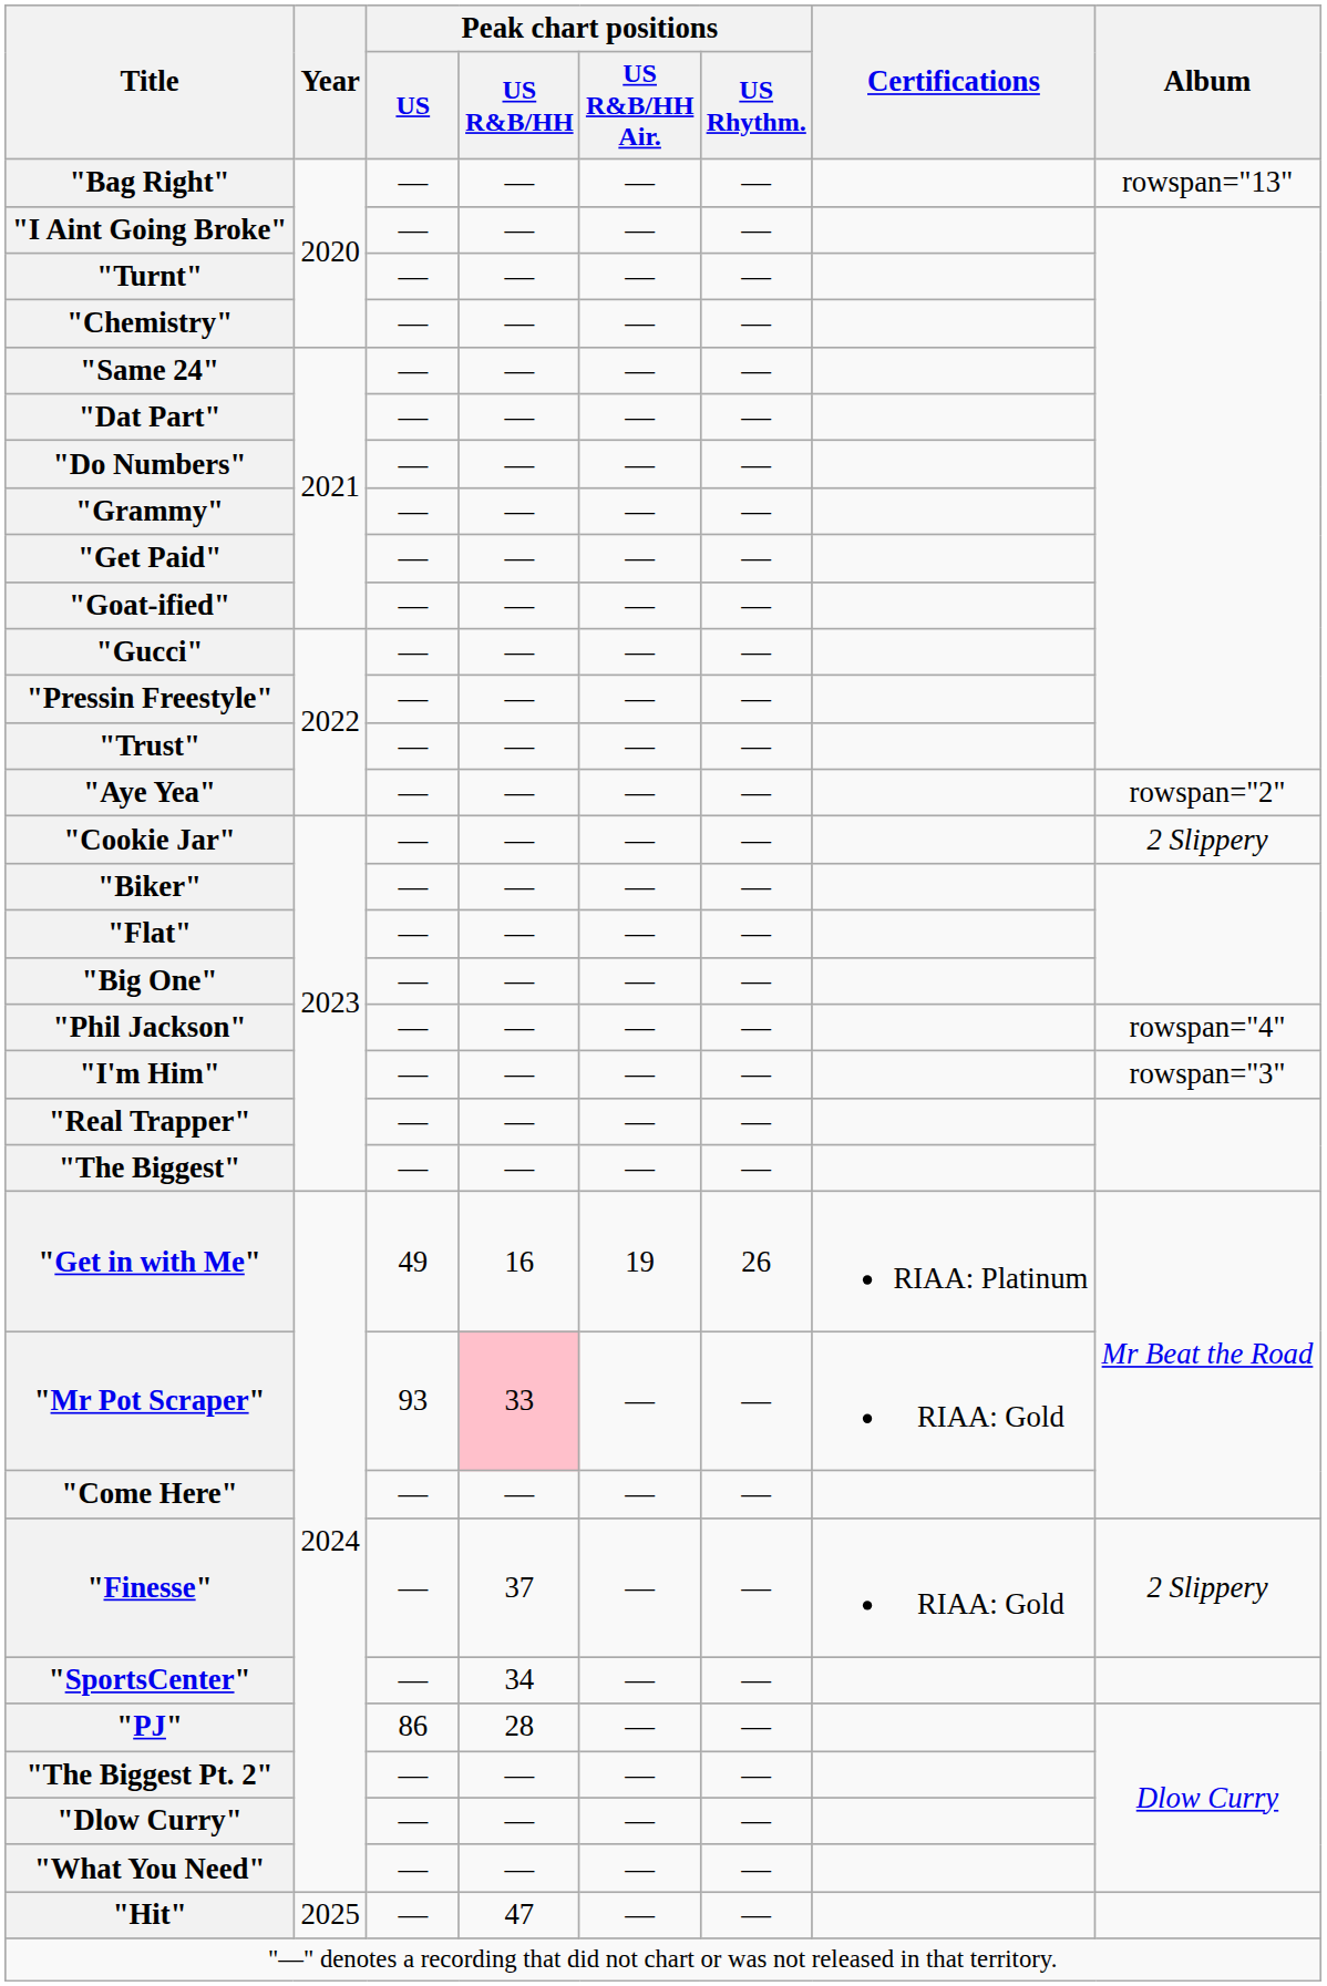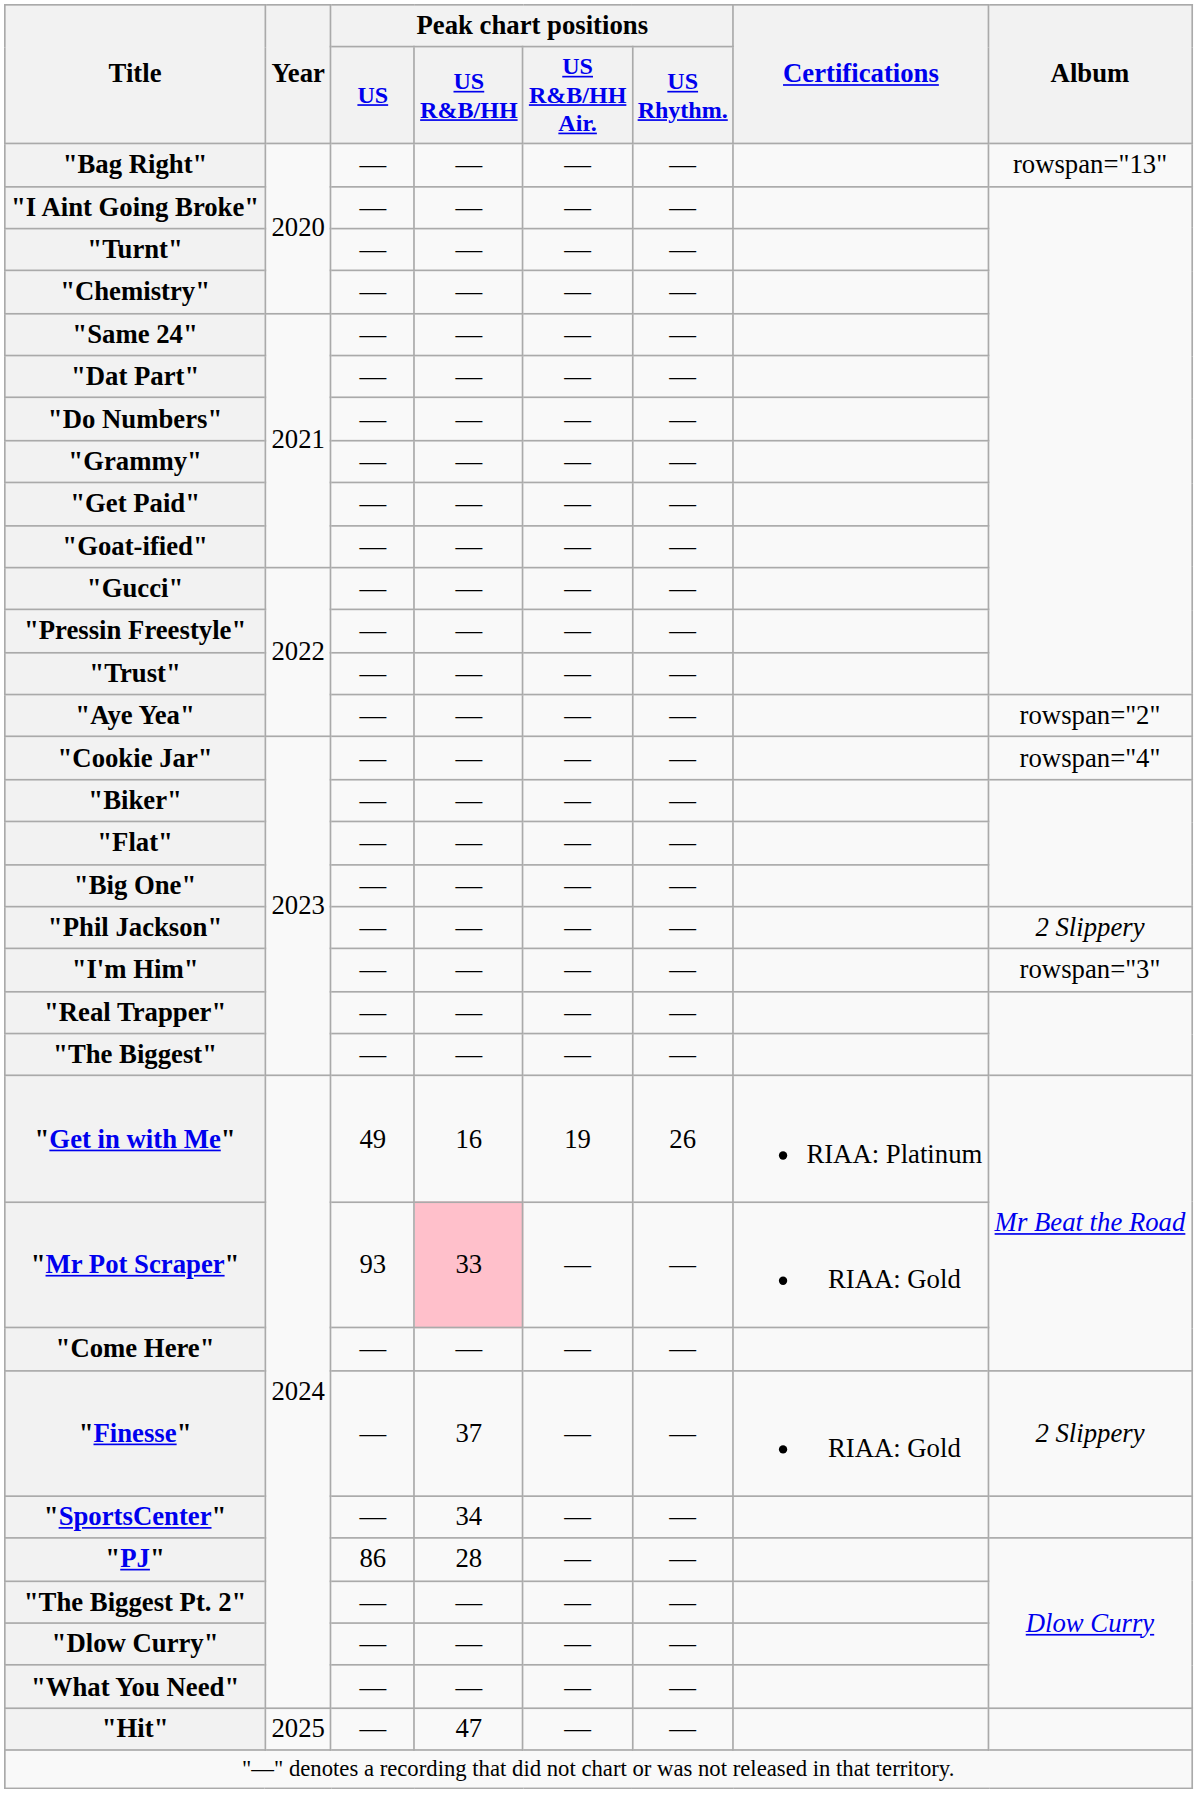 <table class="wikitable plainrowheaders" style="text-align:center;">
 <tr>
 <th scope="col" rowspan="2">Title</th>
 <th scope="col" rowspan="2">Year</th>
 <th scope="col" colspan="4">Peak chart positions</th>
 <th scope="col" rowspan="2"><a href='#'>Certifications</a></th>
 <th scope="col" rowspan="2">Album</th>
 </tr>
 <tr>
 <th scope="col" style="width:3em;font-size:90%;"><a href='#'>US</a><br></th>
 <th scope="col" style="width:3em;font-size:90%;"><a href='#'>US<br>R&B/HH</a><br></th>
 <th scope="col" style="width:3em;font-size:90%;"><a href='#'>US<br>R&B/HH Air.</a><br></th>
 <th scope="col" style="width:3em;font-size:90%;"><a href='#'>US<br>Rhythm.</a><br></th>
 </tr>
 <tr>
 <th scope="row">"Bag Right"</th>
 <td rowspan="4">2020</td>
 <td>—</td>
 <td>—</td>
 <td>—</td>
 <td>—</td>
 <td></td>
 <td>rowspan="13" </td>
 </tr>
 <tr>
 <th scope="row">"I Aint Going Broke"</th>
 <td>—</td>
 <td>—</td>
 <td>—</td>
 <td>—</td>
 <td></td>
 </tr>
 <tr>
 <th scope="row">"Turnt"</th>
 <td>—</td>
 <td>—</td>
 <td>—</td>
 <td>—</td>
 <td></td>
 </tr>
 <tr>
 <th scope="row">"Chemistry"</th>
 <td>—</td>
 <td>—</td>
 <td>—</td>
 <td>—</td>
 <td></td>
 </tr>
 <tr>
 <th scope="row">"Same 24"</th>
 <td rowspan="6">2021</td>
 <td>—</td>
 <td>—</td>
 <td>—</td>
 <td>—</td>
 <td></td>
 </tr>
 <tr>
 <th scope="row">"Dat Part"</th>
 <td>—</td>
 <td>—</td>
 <td>—</td>
 <td>—</td>
 <td></td>
 </tr>
 <tr>
 <th scope="row">"Do Numbers"</th>
 <td>—</td>
 <td>—</td>
 <td>—</td>
 <td>—</td>
 <td></td>
 </tr>
 <tr>
 <th scope="row">"Grammy"</th>
 <td>—</td>
 <td>—</td>
 <td>—</td>
 <td>—</td>
 <td></td>
 </tr>
 <tr>
 <th scope="row">"Get Paid"</th>
 <td>—</td>
 <td>—</td>
 <td>—</td>
 <td>—</td>
 <td></td>
 </tr>
 <tr>
 <th scope="row">"Goat-ified"</th>
 <td>—</td>
 <td>—</td>
 <td>—</td>
 <td>—</td>
 <td></td>
 </tr>
 <tr>
 <th scope="row">"Gucci"</th>
 <td rowspan="4">2022</td>
 <td>—</td>
 <td>—</td>
 <td>—</td>
 <td>—</td>
 <td></td>
 </tr>
 <tr>
 <th scope="row">"Pressin Freestyle"</th>
 <td>—</td>
 <td>—</td>
 <td>—</td>
 <td>—</td>
 <td></td>
 </tr>
 <tr>
 <th scope="row">"Trust"</th>
 <td>—</td>
 <td>—</td>
 <td>—</td>
 <td>—</td>
 <td></td>
 </tr>
 <tr>
 <th scope="row">"Aye Yea"</th>
 <td>—</td>
 <td>—</td>
 <td>—</td>
 <td>—</td>
 <td></td>
 <td>rowspan="2" </td>
 </tr>
 <tr>
 <th scope="row">"Cookie Jar"</th>
 <td rowspan="8">2023</td>
 <td>—</td>
 <td>—</td>
 <td>—</td>
 <td>—</td>
 <td></td>
-<td><em>2 Slippery</em></td>
+<td>rowspan="4" </td>
 </tr>
 <tr>
 <th scope="row">"Biker"</th>
 <td>—</td>
 <td>—</td>
 <td>—</td>
 <td>—</td>
 <td></td>
 </tr>
 <tr>
 <th scope="row">"Flat"</th>
 <td>—</td>
 <td>—</td>
 <td>—</td>
 <td>—</td>
 <td></td>
 </tr>
 <tr>
 <th scope="row">"Big One"</th>
 <td>—</td>
 <td>—</td>
 <td>—</td>
 <td>—</td>
 <td></td>
 </tr>
 <tr>
 <th scope="row">"Phil Jackson"</th>
 <td>—</td>
 <td>—</td>
 <td>—</td>
 <td>—</td>
 <td></td>
-<td>rowspan="4" </td>
+<td><em>2 Slippery</em></td>
 </tr>
 <tr>
 <th scope="row">"I'm Him"</th>
 <td>—</td>
 <td>—</td>
 <td>—</td>
 <td>—</td>
 <td></td>
 <td>rowspan="3" </td>
 </tr>
 <tr>
 <th scope="row">"Real Trapper"</th>
 <td>—</td>
 <td>—</td>
 <td>—</td>
 <td>—</td>
 <td></td>
 </tr>
 <tr>
 <th scope="row">"The Biggest"<br></th>
 <td>—</td>
 <td>—</td>
 <td>—</td>
 <td>—</td>
 <td></td>
 </tr>
 <tr>
 <th scope="row">"<a href='#'>Get in with Me</a>"</th>
 <td rowspan="9">2024</td>
 <td>49</td>
 <td>16</td>
 <td>19</td>
 <td>26</td>
 <td><br><ul><li>RIAA: Platinum</li></ul></td>
 <td rowspan="3"><em><a href='#'>Mr Beat the Road</a></em></td>
 </tr>
 <tr>
 <th scope="row">"<a href='#'>Mr Pot Scraper</a>"</th>
 <td>93</td>
 <td style="background: pink;">33</td>
 <td>—</td>
 <td>—</td>
 <td><br><ul><li>RIAA: Gold</li></ul></td>
 </tr>
 <tr>
 <th scope="row">"Come Here"<br></th>
 <td>—</td>
 <td>—</td>
 <td>—</td>
 <td>—</td>
 <td></td>
 </tr>
 <tr>
 <th scope="row">"<a href='#'>Finesse</a>"<br></th>
 <td>—</td>
 <td>37</td>
 <td>—</td>
 <td>—</td>
 <td><br><ul><li>RIAA: Gold</li></ul></td>
 <td><em>2 Slippery</em></td>
 </tr>
 <tr>
 <th scope="row">"<a href='#'>SportsCenter</a>"</th>
 <td>—</td>
 <td>34</td>
 <td>—</td>
 <td>—</td>
 <td></td>
 </tr>
 <tr>
 <th scope="row">"<a href='#'>PJ</a>"<br></th>
 <td>86</td>
 <td>28</td>
 <td>—</td>
 <td>—</td>
 <td></td>
 <td rowspan="4"><em><a href='#'>Dlow Curry</a></em></td>
 </tr>
 <tr>
 <th scope="row">"The Biggest Pt. 2"</th>
 <td>—</td>
 <td>—</td>
 <td>—</td>
 <td>—</td>
 <td></td>
 </tr>
 <tr>
 <th scope="row">"Dlow Curry"</th>
 <td>—</td>
 <td>—</td>
 <td>—</td>
 <td>—</td>
 <td></td>
 </tr>
 <tr>
 <th scope="row">"What You Need"<br></th>
 <td>—</td>
 <td>—</td>
 <td>—</td>
 <td>—</td>
 <td></td>
 </tr>
 <tr>
 <th scope="row">"Hit"<br></th>
 <td>2025</td>
 <td>—</td>
 <td>47</td>
 <td>—</td>
 <td>—</td>
 <td></td>
 <td></td>
 </tr>
 <tr>
 <td colspan="14" style="font-size:85%">"—" denotes a recording that did not chart or was not released in that territory.</td>
 </tr>
 </table>
